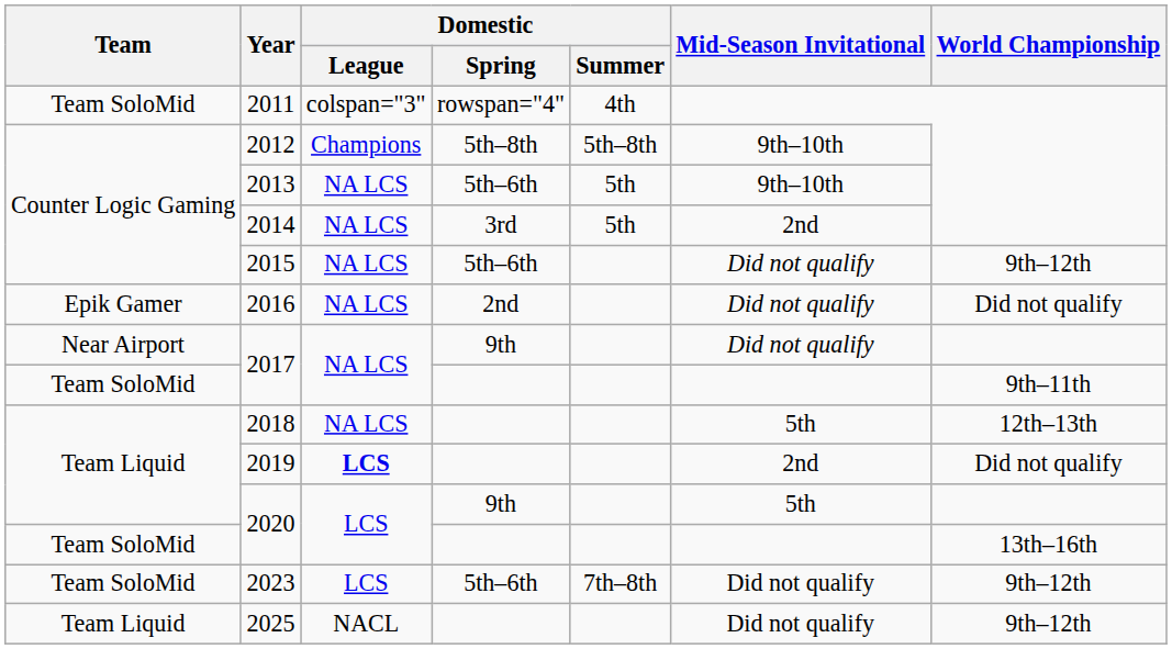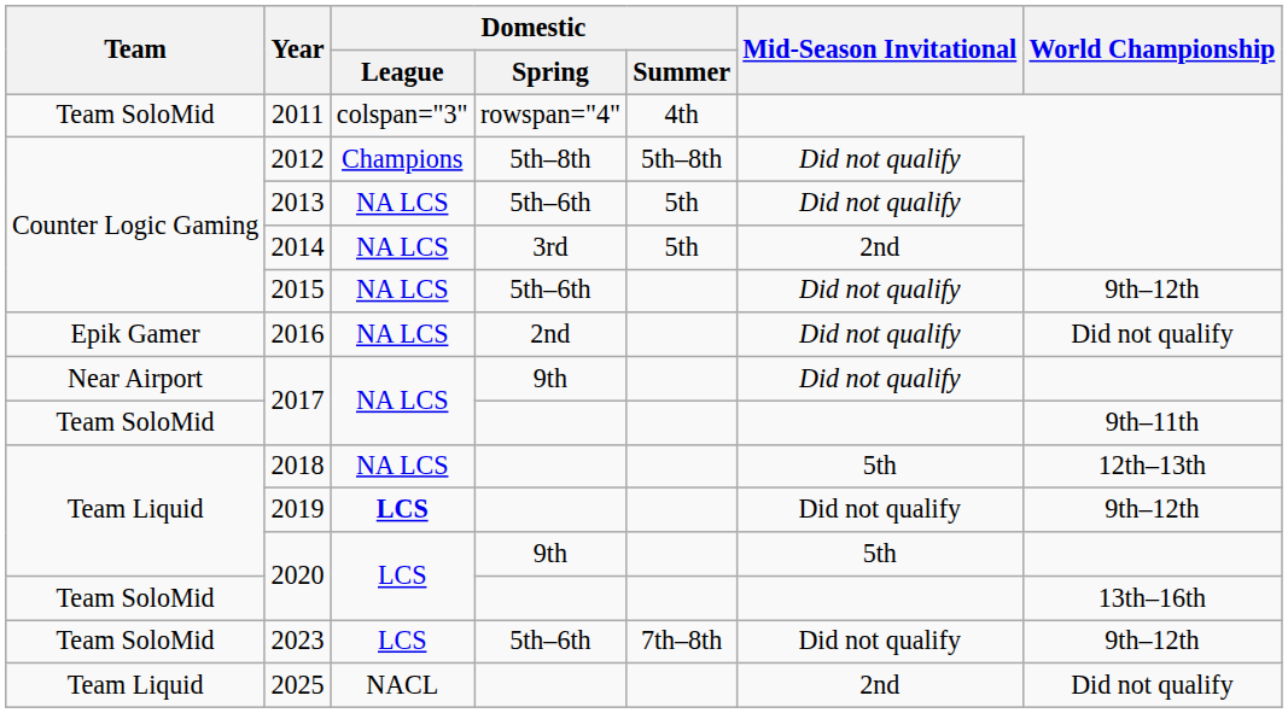 <table class="wikitable" style="font-size:90%; text-align:center;">
 <tr style="background:#f0f6ff;">
 <th rowspan=2>Team</th>
 <th rowspan=2>Year</th>
 <th colspan=3>Domestic</th>
 <th rowspan=2><a href='#'>Mid-Season Invitational</a></th>
 <th rowspan=2><a href='#'>World Championship</a></th>
 </tr>
 <tr>
 <th>League</th>
 <th>Spring</th>
 <th>Summer</th>
 </tr>
 <tr>
 <td>Team SoloMid</td>
 <td>2011</td>
 <td>colspan="3" </td>
 <td>rowspan="4" </td>
 <td>4th</td>
 </tr>
 <tr>
 <td rowspan="4">Counter Logic Gaming</td>
 <td>2012</td>
 <td><a href='#'>Champions</a></td>
 <td>5th–8th</td>
 <td>5th–8th</td>
-<td>9th–10th</td>
+<td><em>Did not qualify</em></td>
 </tr>
 <tr>
 <td>2013</td>
 <td><a href='#'>NA LCS</a></td>
 <td>5th–6th</td>
 <td>5th</td>
-<td>9th–10th</td>
+<td><em>Did not qualify</em></td>
 </tr>
 <tr>
 <td>2014</td>
 <td><a href='#'>NA LCS</a></td>
 <td>3rd</td>
 <td>5th</td>
 <td>2nd</td>
 </tr>
 <tr>
 <td>2015</td>
 <td><a href='#'>NA LCS</a></td>
 <td>5th–6th</td>
 <td></td>
 <td><em>Did not qualify</em></td>
 <td>9th–12th</td>
 </tr>
 <tr>
 <td>Epik Gamer</td>
 <td>2016</td>
 <td><a href='#'>NA LCS</a></td>
 <td>2nd</td>
 <td></td>
 <td><em>Did not qualify</em></td>
 <td></em>Did not qualify<em></td>
 </tr>
 <tr>
 <td>Near Airport</td>
 <td rowspan="2">2017</td>
 <td rowspan="2"><a href='#'>NA LCS</a></td>
 <td>9th</td>
 <td></td>
 <td><em>Did not qualify</td>
 <td></td>
 </tr>
 <tr>
 <td>Team SoloMid</td>
 <td></td>
 <td></td>
 <td></td>
 <td>9th–11th</td>
 </tr>
 <tr>
 <td rowspan="3">Team Liquid</td>
 <td>2018</td>
 <td><a href='#'>NA LCS</a></td>
 <td></td>
 <td></td>
 <td>5th</td>
 <td>12th–13th</td>
 </tr>
 <tr>
 <td>2019</td>
 <td><strong><a href='#'>LCS</a></strong></td>
 <td></td>
 <td></td>
-<td>2nd</td>
 <td></em>Did not qualify<em></td>
+<td>9th–12th</td>
 </tr>
 <tr>
 <td rowspan="2">2020</td>
 <td rowspan="2"><a href='#'>LCS</a></td>
 <td>9th</td>
 <td></td>
 <td>5th</td>
 <td></td>
 </tr>
 <tr>
 <td>Team SoloMid</td>
 <td></td>
 <td></td>
 <td></td>
 <td>13th–16th</td>
 </tr>
 <tr>
 <td>Team SoloMid</td>
 <td>2023</td>
 <td><a href='#'>LCS</a></td>
 <td>5th–6th</td>
 <td>7th–8th</td>
 <td></em>Did not qualify<em></td>
 <td>9th–12th</td>
 </tr>
 <tr>
 <td>Team Liquid</td>
 <td>2025</td>
 <td>NACL</td>
 <td></td>
 <td></td>
+<td>2nd</td>
 <td></em>Did not qualify<em></td>
-<td>9th–12th</td>
 </tr>
 </table>
